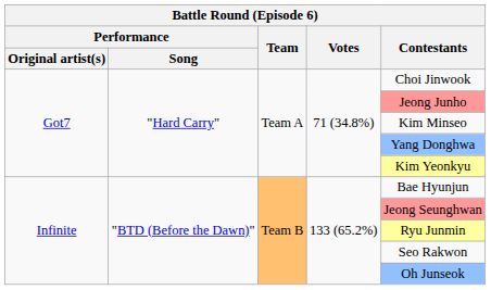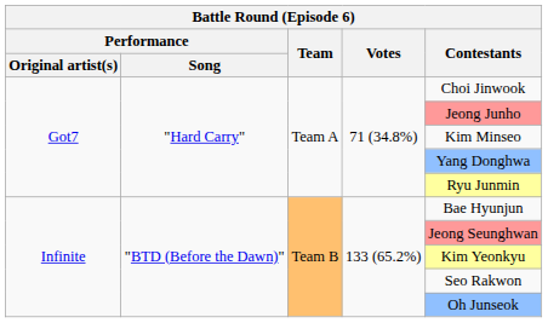 <table class="wikitable" style="text-align:center;">
 <tr>
 <th colspan="5">Battle Round (Episode 6)</th>
 </tr>
 <tr>
 <th colspan="2">Performance</th>
 <th rowspan="2">Team</th>
 <th rowspan="2">Votes</th>
 <th rowspan="2">Contestants</th>
 </tr>
 <tr>
 <th>Original artist(s)</th>
 <th>Song</th>
 </tr>
 <tr>
 <td rowspan="5"><a href='#'>Got7</a></td>
 <td rowspan="5">"<a href='#'>Hard Carry</a>"</td>
 <td rowspan="5">Team A</td>
 <td rowspan="5">71 (34.8%)</td>
 <td>Choi Jinwook</td>
 </tr>
 <tr>
 <td style="background:#FF9999;">Jeong Junho</td>
 </tr>
 <tr>
 <td>Kim Minseo</td>
 </tr>
 <tr>
 <td style="background:#90C0FF;">Yang Donghwa</td>
 </tr>
 <tr>
-<td style="background:#FFFF9F;">Kim Yeonkyu</td>
+<td style="background:#FFFF9F;">Ryu Junmin</td>
 </tr>
 <tr>
 <td rowspan="5"><a href='#'>Infinite</a></td>
 <td rowspan="5">"<a href='#'>BTD (Before the Dawn)</a>"</td>
 <td rowspan="5" style="background:#FFC06F;">Team B</td>
 <td rowspan="5">133 (65.2%)</td>
 <td>Bae Hyunjun</td>
 </tr>
 <tr>
 <td style="background:#FF9999;">Jeong Seunghwan</td>
 </tr>
 <tr>
-<td style="background:#FFFF9F;">Ryu Junmin</td>
+<td style="background:#FFFF9F;">Kim Yeonkyu</td>
 </tr>
 <tr>
 <td>Seo Rakwon</td>
 </tr>
 <tr>
 <td style="background:#90C0FF;">Oh Junseok</td>
 </tr>
 </table>
